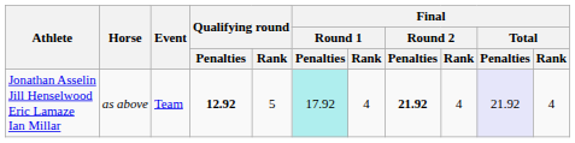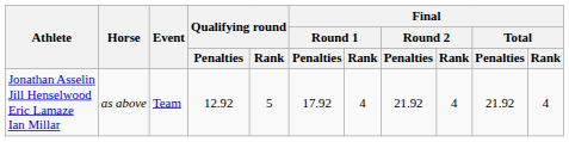 <table class=wikitable style="font-size:90%">
 <tr>
 <th rowspan="3">Athlete</th>
 <th rowspan="3">Horse</th>
 <th rowspan="3">Event</th>
 <th colspan="2" rowspan="2">Qualifying round</th>
 <th colspan="8">Final</th>
 </tr>
 <tr>
 <th colspan="2">Round 1</th>
 <th colspan="2">Round 2</th>
 <th colspan="2">Total</th>
 </tr>
 <tr>
 <th>Penalties</th>
 <th>Rank</th>
 <th>Penalties</th>
 <th>Rank</th>
 <th>Penalties</th>
 <th>Rank</th>
 <th>Penalties</th>
 <th>Rank</th>
 </tr>
 <tr>
 <td><a href='#'>Jonathan Asselin</a><br><a href='#'>Jill Henselwood</a><br><a href='#'>Eric Lamaze</a><br><a href='#'>Ian Millar</a></td>
 <td><em>as above</em></td>
 <td><a href='#'>Team</a></td>
-<td align="center"><strong>12.92</strong></td>
+<td align="center">12.92</td>
 <td align="center">5</td>
-<td align="center" style="background: paleturquoise;">17.92</td>
+<td align="center">17.92</td>
 <td align="center">4</td>
-<td align="center"><strong>21.92</strong></td>
+<td align="center">21.92</td>
 <td align="center">4</td>
-<td align="center" style="background: lavender;">21.92</td>
+<td align="center">21.92</td>
 <td align="center">4</td>
 </tr>
 </table>
